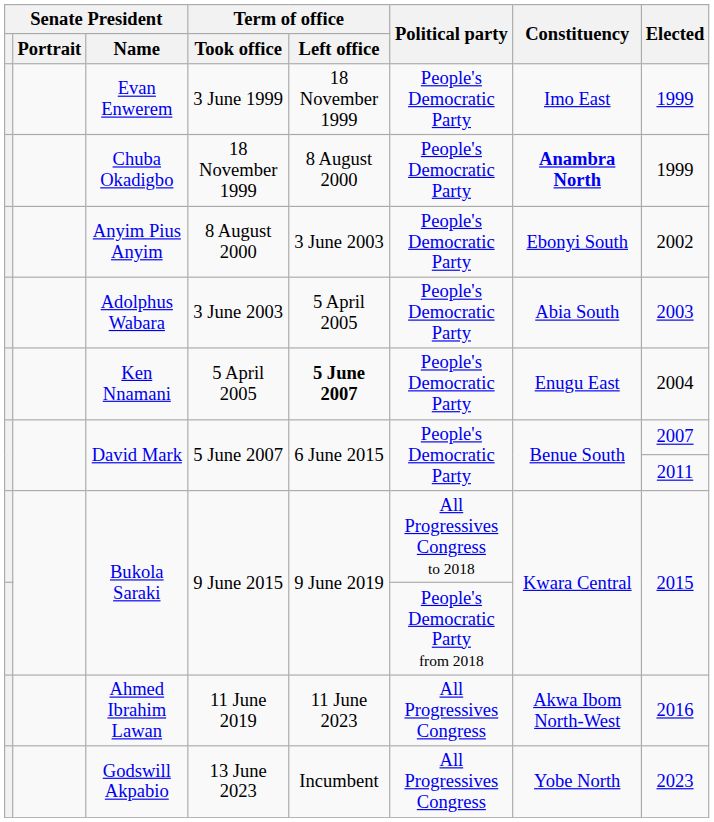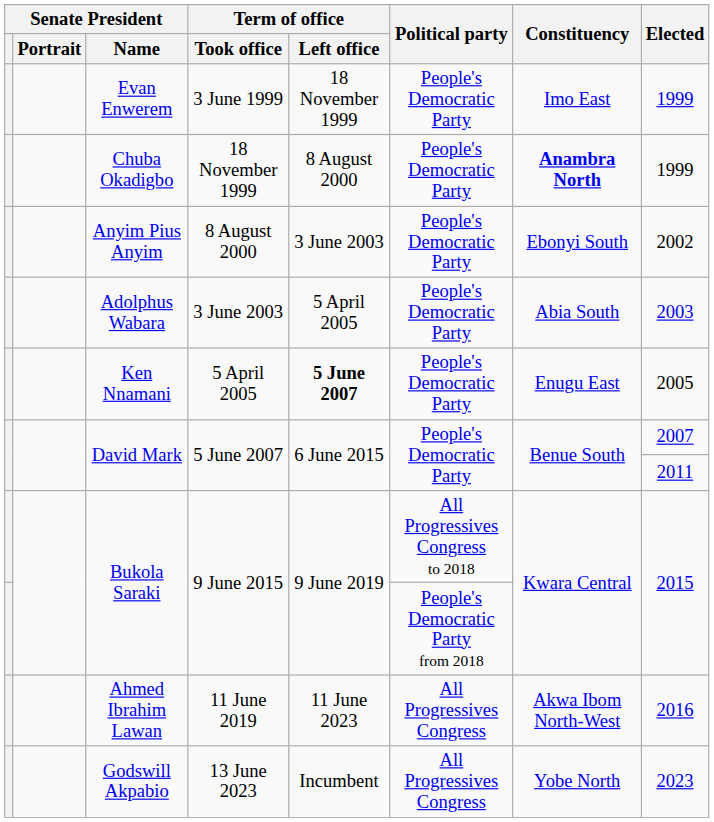 <table class=wikitable style=text-align:center>
 <tr>
 <th colspan=3>Senate President</th>
 <th colspan=2>Term of office</th>
 <th rowspan=2>Political party</th>
 <th rowspan=2>Constituency</th>
 <th rowspan=2>Elected</th>
 </tr>
 <tr>
 <th></th>
 <th>Portrait</th>
 <th>Name</th>
 <th>Took office</th>
 <th>Left office</th>
 </tr>
 <tr>
 <th style="background:"></th>
 <td></td>
 <td><a href='#'>Evan Enwerem</a></td>
 <td>3 June 1999</td>
 <td>18 November 1999</td>
 <td><a href='#'>People's Democratic Party</a></td>
 <td><a href='#'>Imo East</a></td>
 <td><a href='#'>1999</a></td>
 </tr>
 <tr>
 <th style="background:"></th>
 <td></td>
 <td><a href='#'>Chuba Okadigbo</a></td>
 <td>18 November 1999</td>
 <td>8 August 2000</td>
 <td><a href='#'>People's Democratic Party</a></td>
 <td><strong><a href='#'>Anambra North</a></strong></td>
 <td>1999</td>
 </tr>
 <tr>
 <th style="background:"></th>
 <td></td>
 <td><a href='#'>Anyim Pius Anyim</a></td>
 <td>8 August 2000</td>
 <td>3 June 2003</td>
 <td><a href='#'>People's Democratic Party</a></td>
 <td><a href='#'>Ebonyi South</a></td>
 <td>2002</td>
 </tr>
 <tr>
 <th style="background:"></th>
 <td></td>
 <td><a href='#'>Adolphus Wabara</a></td>
 <td>3 June 2003</td>
 <td>5 April 2005</td>
 <td><a href='#'>People's Democratic Party</a></td>
 <td><a href='#'>Abia South</a></td>
 <td><a href='#'>2003</a></td>
 </tr>
 <tr>
 <th style="background:"></th>
 <td></td>
 <td><a href='#'>Ken Nnamani</a></td>
 <td>5 April 2005</td>
 <td><strong>5 June 2007</strong></td>
 <td><a href='#'>People's Democratic Party</a></td>
 <td><a href='#'>Enugu East</a></td>
-<td>2004</td>
+<td>2005</td>
 </tr>
 <tr>
 <th rowspan=2; style="background:"></th>
 <td rowspan=2></td>
 <td rowspan=2><a href='#'>David Mark</a></td>
 <td rowspan=2>5 June 2007</td>
 <td rowspan=2>6 June 2015</td>
 <td rowspan=2><a href='#'>People's Democratic Party</a></td>
 <td rowspan=2><a href='#'>Benue South</a></td>
 <td><a href='#'>2007</a></td>
 </tr>
 <tr>
 <td><a href='#'>2011</a></td>
 </tr>
 <tr>
 <th style="background:"></th>
 <td rowspan=2></td>
 <td rowspan=2><a href='#'>Bukola Saraki</a></td>
 <td rowspan=2>9 June 2015</td>
 <td rowspan=2>9 June 2019</td>
 <td><a href='#'>All Progressives Congress</a><br><small>to 2018</small></td>
 <td rowspan=2><a href='#'>Kwara Central</a></td>
 <td rowspan=2><a href='#'>2015</a></td>
 </tr>
 <tr>
 <th style="background:"></th>
 <td><a href='#'>People's Democratic Party</a><br><small>from 2018</small></td>
 </tr>
 <tr>
 <th style="background:"></th>
 <td></td>
 <td><a href='#'>Ahmed Ibrahim Lawan</a></td>
 <td>11 June 2019</td>
 <td>11 June 2023</td>
 <td><a href='#'>All Progressives Congress</a></td>
 <td><a href='#'>Akwa Ibom North-West</a></td>
 <td><a href='#'>2016</a></td>
 </tr>
 <tr>
 <th style="background:"></th>
 <td></td>
 <td><a href='#'>Godswill Akpabio</a></td>
 <td>13 June 2023</td>
 <td>Incumbent</td>
 <td><a href='#'>All Progressives Congress</a></td>
 <td><a href='#'>Yobe North</a></td>
 <td><a href='#'>2023</a></td>
 </tr>
 </table>
